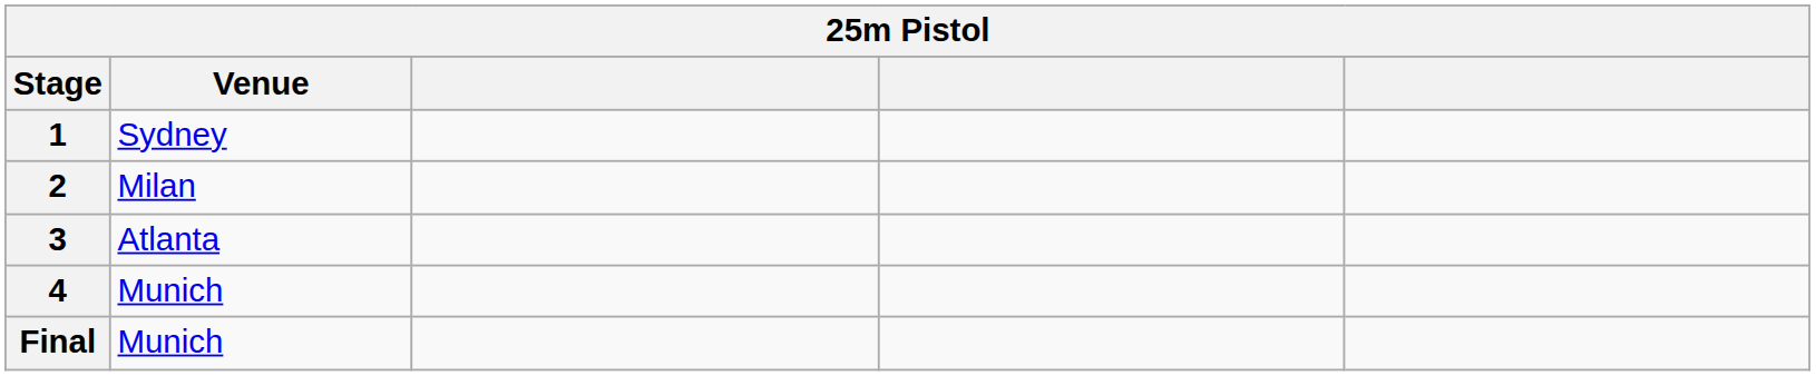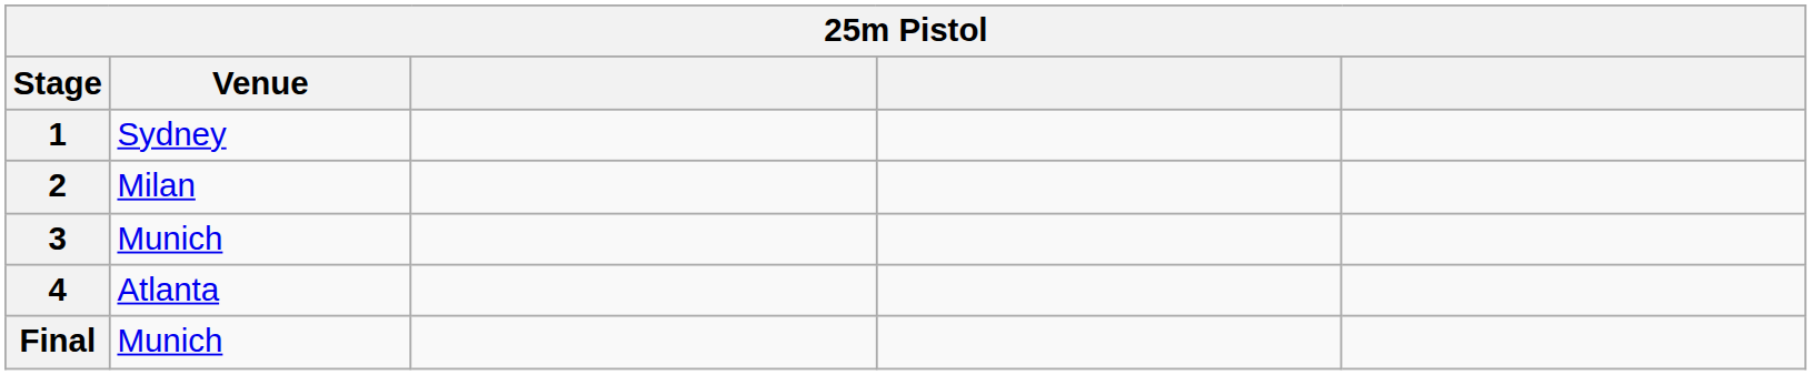 <table class="wikitable">
 <tr>
 <th colspan="5">25m Pistol</th>
 </tr>
 <tr>
 <th>Stage</th>
 <th width=140>Venue</th>
 <th width=220></th>
 <th width=220></th>
 <th width=220></th>
 </tr>
 <tr>
 <th>1</th>
 <td> <a href='#'>Sydney</a></td>
 <td></td>
 <td></td>
 <td></td>
 </tr>
 <tr>
 <th>2</th>
 <td> <a href='#'>Milan</a></td>
 <td></td>
 <td></td>
 <td></td>
 </tr>
 <tr>
 <th>3</th>
-<td> <a href='#'>Atlanta</a></td>
+<td> <a href='#'>Munich</a></td>
 <td></td>
 <td></td>
 <td></td>
 </tr>
 <tr>
 <th>4</th>
-<td> <a href='#'>Munich</a></td>
+<td> <a href='#'>Atlanta</a></td>
 <td></td>
 <td></td>
 <td></td>
 </tr>
 <tr>
 <th>Final</th>
 <td> <a href='#'>Munich</a></td>
 <td></td>
 <td></td>
 <td></td>
 </tr>
 </table>
